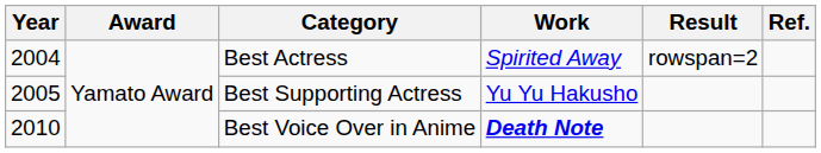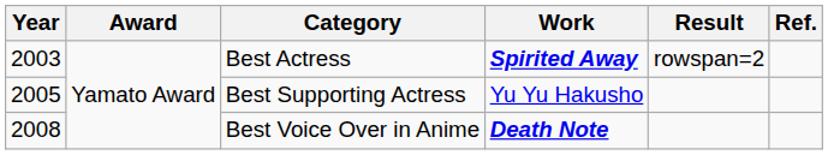 <table class="wikitable sortable">
 <tr>
 <th>Year</th>
 <th>Award</th>
 <th>Category</th>
 <th>Work</th>
 <th>Result</th>
 <th>Ref.</th>
 </tr>
 <tr>
-<td>2004</td>
+<td>2003</td>
 <td rowspan="3">Yamato Award</td>
 <td>Best Actress</td>
-<td><em><a href='#'>Spirited Away</a></em></td>
+<td><strong><em><a href='#'>Spirited Away</a></em></strong></td>
 <td>rowspan=2 </td>
 <td></td>
 </tr>
 <tr>
 <td>2005</td>
 <td>Best Supporting Actress</td>
 <td><a href='#'>Yu Yu Hakusho</a></td>
 <td></td>
 </tr>
 <tr>
-<td>2010</td>
+<td>2008</td>
 <td>Best Voice Over in Anime</td>
 <td><strong><em><a href='#'>Death Note</a></em></strong></td>
 <td></td>
 <td></td>
 </tr>
 </table>
